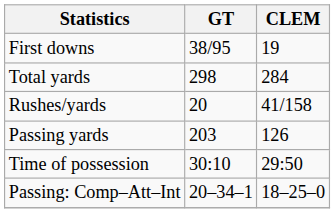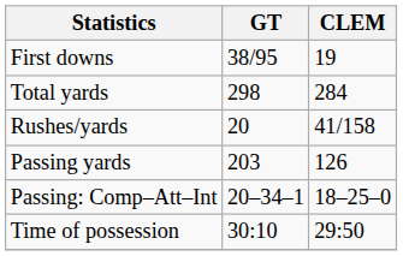 <table class="wikitable" style="float: left;">
 <tr>
 <th>Statistics</th>
 <th>GT</th>
 <th>CLEM</th>
 </tr>
 <tr>
 <td>First downs</td>
 <td>38/95</td>
 <td>19</td>
 </tr>
 <tr>
 <td>Total yards</td>
 <td>298</td>
 <td>284</td>
 </tr>
 <tr>
 <td>Rushes/yards</td>
 <td>20</td>
 <td>41/158</td>
 </tr>
 <tr>
 <td>Passing yards</td>
 <td>203</td>
 <td>126</td>
 </tr>
 <tr>
+<td>Passing: Comp–Att–Int</td>
+<td>20–34–1</td>
+<td>18–25–0</td>
+</tr>
+<tr>
 <td>Time of possession</td>
 <td>30:10</td>
 <td>29:50</td>
 </tr>
 <tr>
-<td>Passing: Comp–Att–Int</td>
-<td>20–34–1</td>
-<td>18–25–0</td>
-</tr>
-<tr>
 </tr>
 </table>
